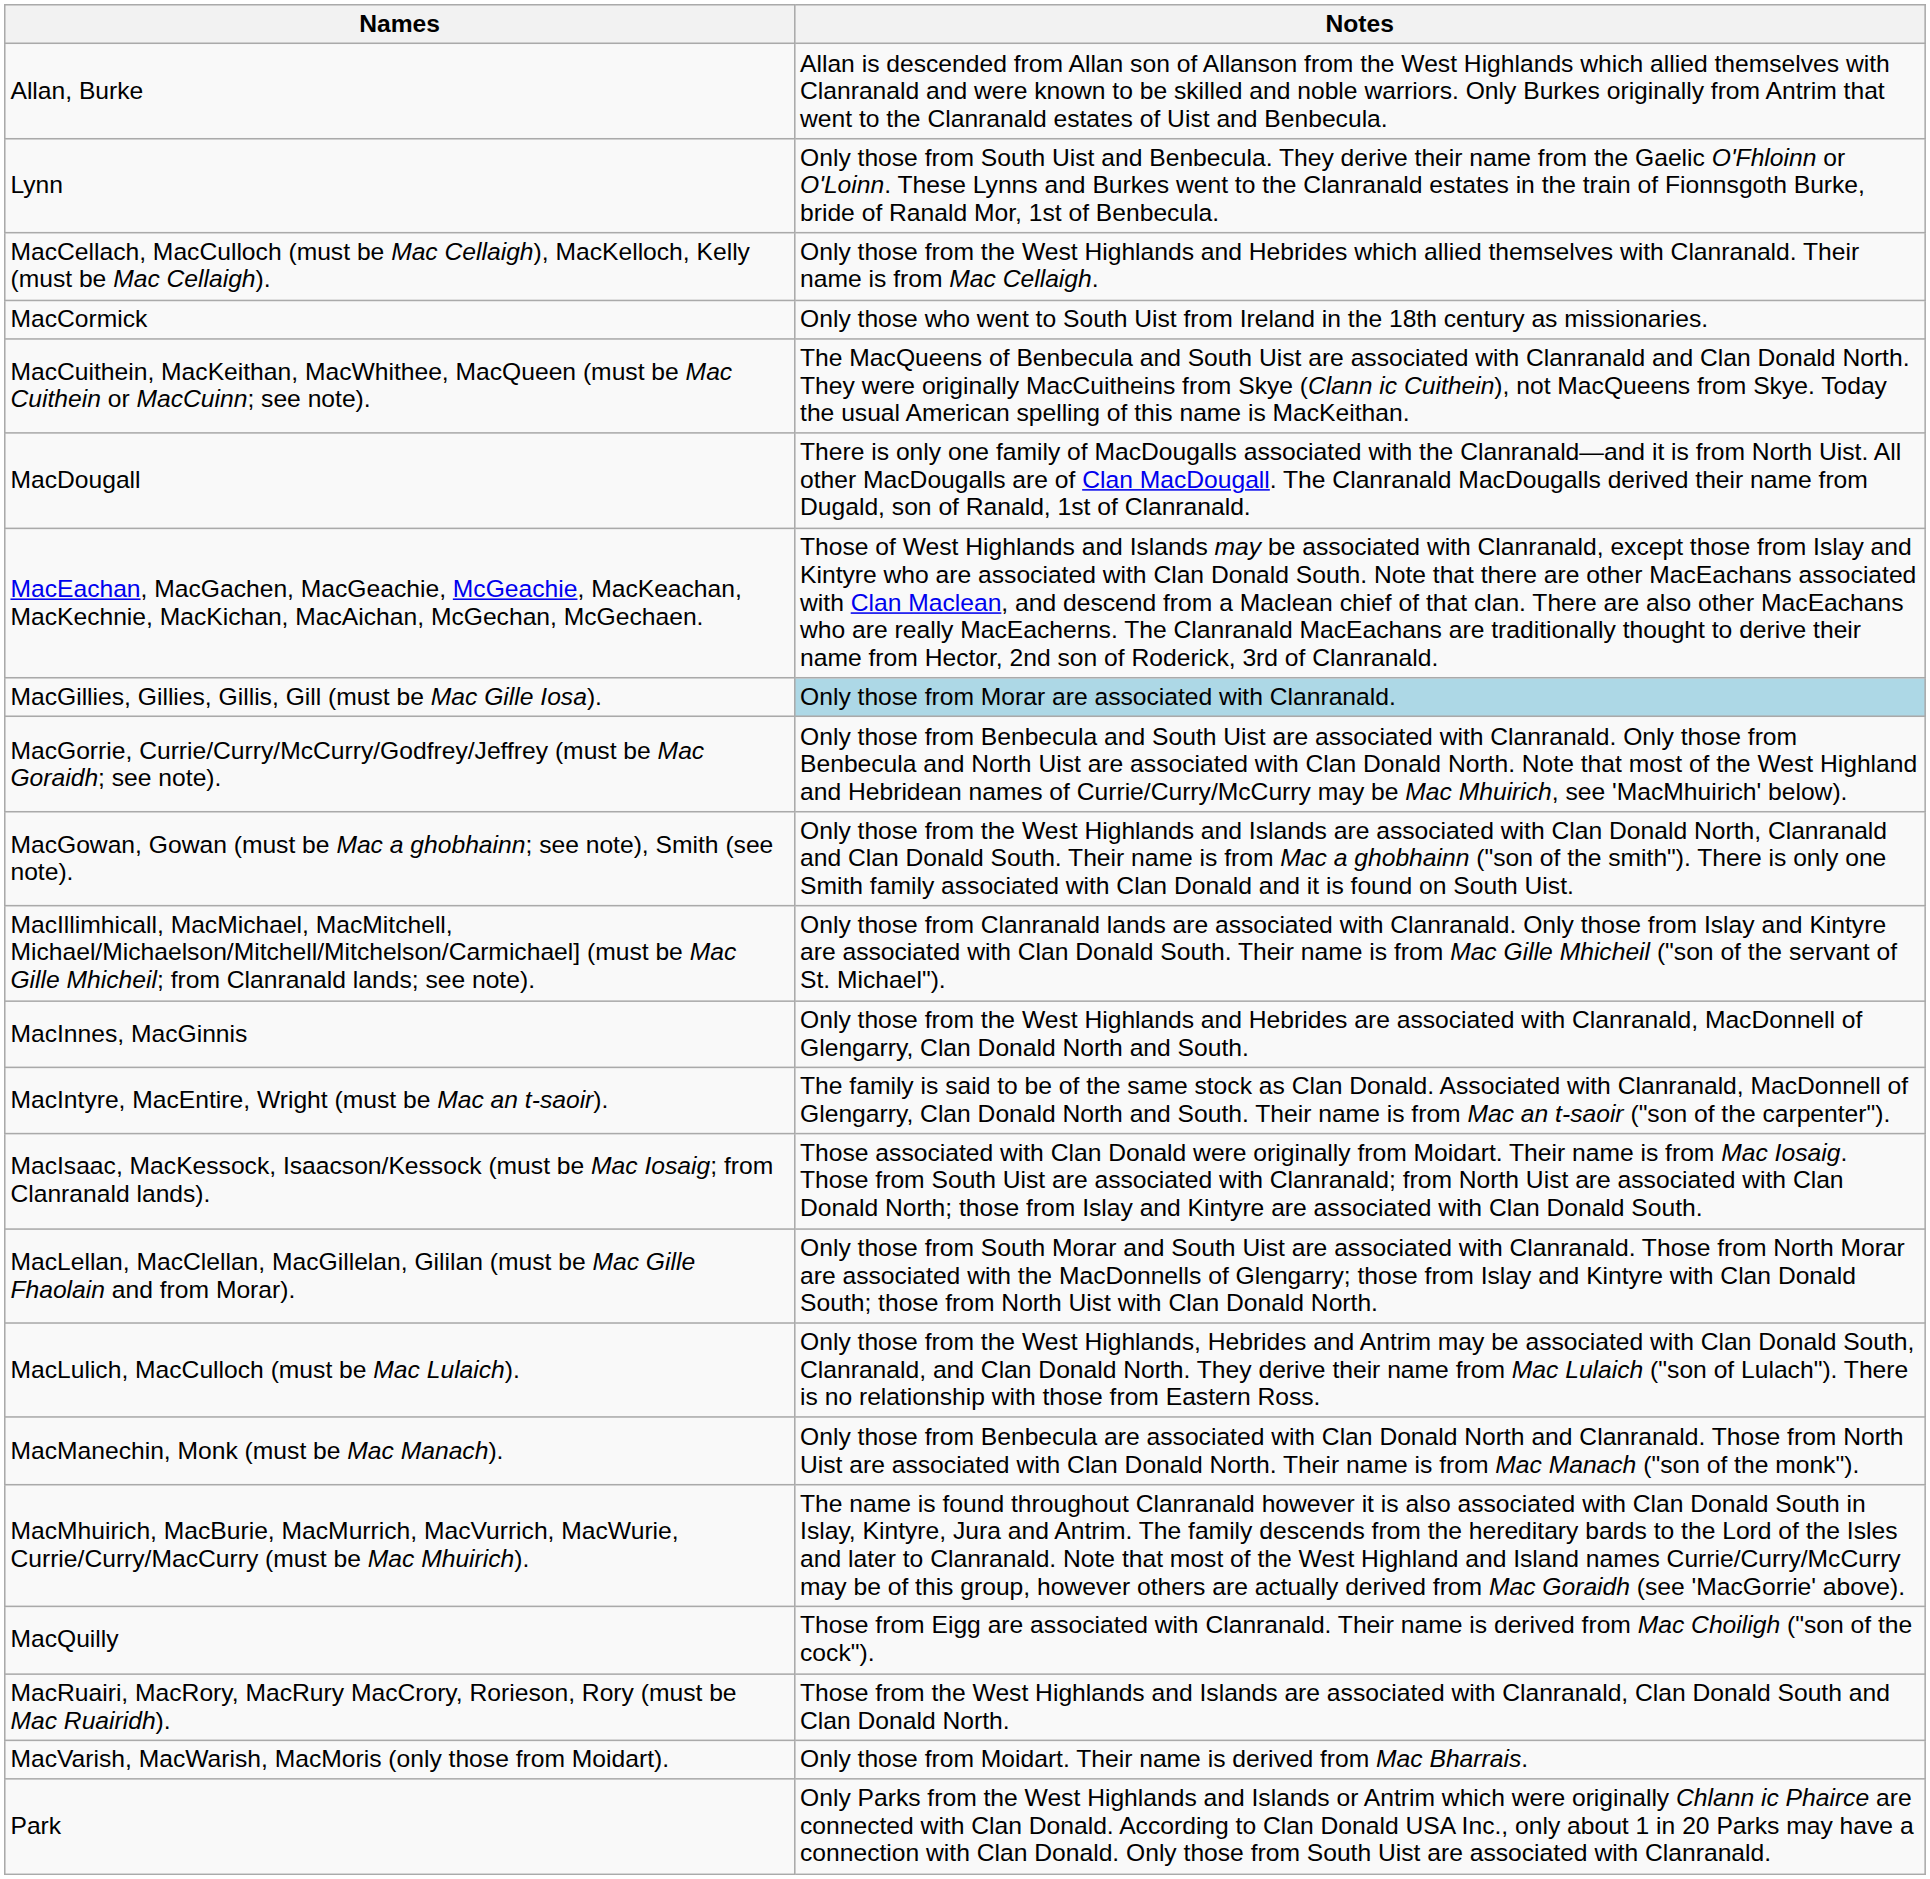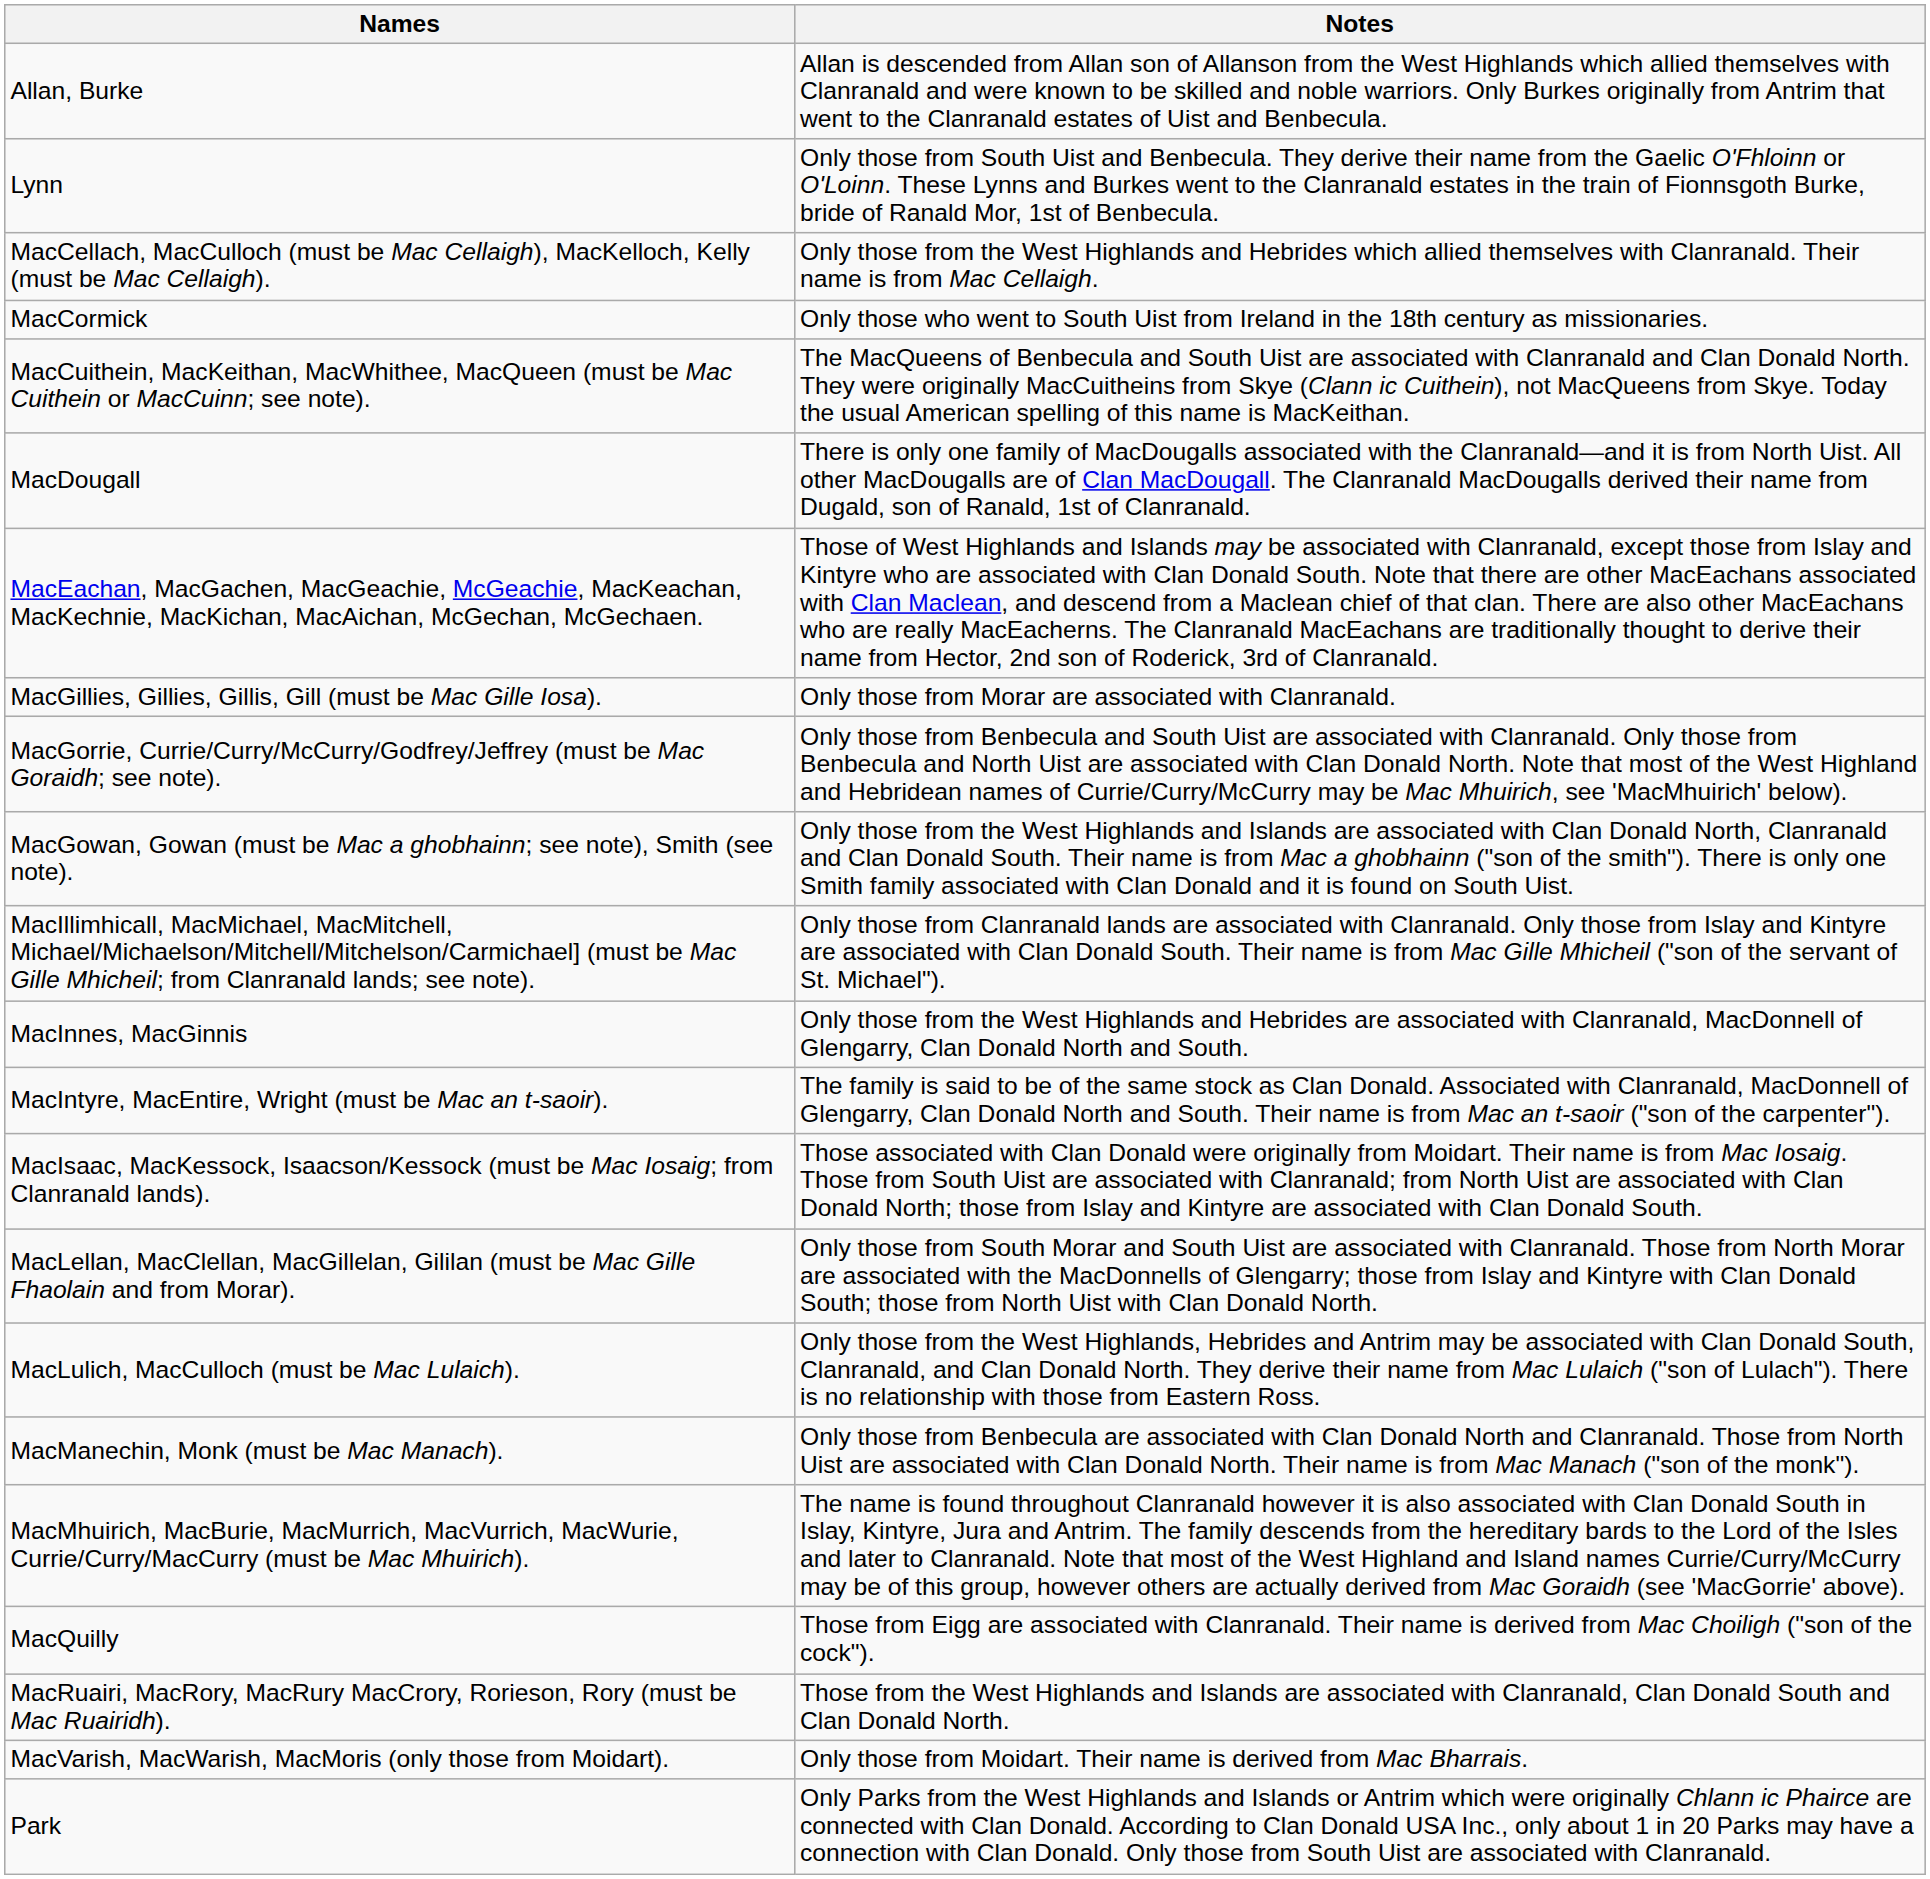 <table class="wikitable">
 <tr>
 <th><strong>Names</strong></th>
 <th><strong>Notes</strong></th>
 </tr>
 <tr>
 <td>Allan, Burke</td>
 <td>Allan is descended from Allan son of Allanson from the West Highlands which allied themselves with Clanranald and were known to be skilled and noble warriors. Only Burkes originally from Antrim that went to the Clanranald estates of Uist and Benbecula.</td>
 </tr>
 <tr>
 <td>Lynn</td>
 <td>Only those from South Uist and Benbecula. They derive their name from the Gaelic <em>O'Fhloinn</em> or <em>O'Loinn</em>. These Lynns and Burkes went to the Clanranald estates in the train of Fionnsgoth Burke, bride of Ranald Mor, 1st of Benbecula.</td>
 </tr>
 <tr>
 <td>MacCellach, MacCulloch (must be <em>Mac Cellaigh</em>), MacKelloch, Kelly (must be <em>Mac Cellaigh</em>).</td>
 <td>Only those from the West Highlands and Hebrides which allied themselves with Clanranald. Their name is from <em>Mac Cellaigh</em>.</td>
 </tr>
 <tr>
 <td>MacCormick</td>
 <td>Only those who went to South Uist from Ireland in the 18th century as missionaries.</td>
 </tr>
 <tr>
 <td>MacCuithein, MacKeithan, MacWhithee, MacQueen (must be <em>Mac Cuithein</em> or <em>MacCuinn</em>; see note).</td>
 <td>The MacQueens of Benbecula and South Uist are associated with Clanranald and Clan Donald North. They were originally MacCuitheins from Skye (<em>Clann ic Cuithein</em>), not MacQueens from Skye. Today the usual American spelling of this name is MacKeithan.</td>
 </tr>
 <tr>
 <td>MacDougall</td>
 <td>There is only one family of MacDougalls associated with the Clanranald—and it is from North Uist. All other MacDougalls are of <a href='#'>Clan MacDougall</a>. The Clanranald MacDougalls derived their name from Dugald, son of Ranald, 1st of Clanranald.</td>
 </tr>
 <tr>
 <td><a href='#'>MacEachan</a>, MacGachen, MacGeachie, <a href='#'>McGeachie</a>, MacKeachan, MacKechnie, MacKichan, MacAichan, McGechan, McGechaen.</td>
 <td>Those of West Highlands and Islands <em>may</em> be associated with Clanranald, except those from Islay and Kintyre who are associated with Clan Donald South. Note that there are other MacEachans associated with <a href='#'>Clan Maclean</a>, and descend from a Maclean chief of that clan. There are also other MacEachans who are really MacEacherns. The Clanranald MacEachans are traditionally thought to derive their name from Hector, 2nd son of Roderick, 3rd of Clanranald.</td>
 </tr>
 <tr>
 <td>MacGillies, Gillies, Gillis, Gill (must be <em>Mac Gille Iosa</em>).</td>
-<td style="background: lightblue;">Only those from Morar are associated with Clanranald.</td>
+<td>Only those from Morar are associated with Clanranald.</td>
 </tr>
 <tr>
 <td>MacGorrie, Currie/Curry/McCurry/Godfrey/Jeffrey (must be <em>Mac Goraidh</em>; see note).</td>
 <td>Only those from Benbecula and South Uist are associated with Clanranald. Only those from Benbecula and North Uist are associated with Clan Donald North. Note that most of the West Highland and Hebridean names of Currie/Curry/McCurry may be <em>Mac Mhuirich</em>, see 'MacMhuirich' below).</td>
 </tr>
 <tr>
 <td>MacGowan, Gowan (must be <em>Mac a ghobhainn</em>; see note), Smith (see note).</td>
 <td>Only those from the West Highlands and Islands are associated with Clan Donald North, Clanranald and Clan Donald South. Their name is from <em>Mac a ghobhainn</em> ("son of the smith"). There is only one Smith family associated with Clan Donald and it is found on South Uist.</td>
 </tr>
 <tr>
 <td>MacIllimhicall, MacMichael, MacMitchell, Michael/Michaelson/Mitchell/Mitchelson/Carmichael] (must be <em>Mac Gille Mhicheil</em>; from Clanranald lands; see note).</td>
 <td>Only those from Clanranald lands are associated with Clanranald. Only those from Islay and Kintyre are associated with Clan Donald South. Their name is from <em>Mac Gille Mhicheil</em> ("son of the servant of St. Michael").</td>
 </tr>
 <tr>
 <td> MacInnes, MacGinnis</td>
 <td>Only those from the West Highlands and Hebrides are associated with Clanranald, MacDonnell of Glengarry, Clan Donald North and South.</td>
 </tr>
 <tr>
 <td> MacIntyre, MacEntire, Wright (must be <em>Mac an t-saoir</em>).</td>
 <td>The family is said to be of the same stock as Clan Donald. Associated with Clanranald, MacDonnell of Glengarry, Clan Donald North and South. Their name is from <em>Mac an t-saoir</em> ("son of the carpenter").</td>
 </tr>
 <tr>
 <td>MacIsaac, MacKessock, Isaacson/Kessock (must be <em>Mac Iosaig</em>; from Clanranald lands).</td>
 <td>Those associated with Clan Donald were originally from Moidart. Their name is from <em>Mac Iosaig</em>. Those from South Uist are associated with Clanranald; from North Uist are associated with Clan Donald North; those from Islay and Kintyre are associated with Clan Donald South.</td>
 </tr>
 <tr>
 <td>MacLellan, MacClellan, MacGillelan, Gililan (must be <em>Mac Gille Fhaolain</em> and from Morar).</td>
 <td>Only those from South Morar and South Uist are associated with Clanranald. Those from North Morar are associated with the MacDonnells of Glengarry; those from Islay and Kintyre with Clan Donald South; those from North Uist with Clan Donald North.</td>
 </tr>
 <tr>
 <td>MacLulich, MacCulloch (must be <em>Mac Lulaich</em>).</td>
 <td>Only those from the West Highlands, Hebrides and Antrim may be associated with Clan Donald South, Clanranald, and Clan Donald North. They derive their name from <em>Mac Lulaich</em> ("son of Lulach"). There is no relationship with those from Eastern Ross.</td>
 </tr>
 <tr>
 <td>MacManechin, Monk (must be <em>Mac Manach</em>).</td>
 <td>Only those from Benbecula are associated with Clan Donald North and Clanranald. Those from North Uist are associated with Clan Donald North. Their name is from <em>Mac Manach</em> ("son of the monk").</td>
 </tr>
 <tr>
 <td> MacMhuirich, MacBurie, MacMurrich, MacVurrich, MacWurie, Currie/Curry/MacCurry (must be <em>Mac Mhuirich</em>).</td>
 <td>The name is found throughout Clanranald however it is also associated with Clan Donald South in Islay, Kintyre, Jura and Antrim. The family descends from the hereditary bards to the Lord of the Isles and later to Clanranald. Note that most of the West Highland and Island names Currie/Curry/McCurry may be of this group, however others are actually derived from <em>Mac Goraidh</em> (see 'MacGorrie' above).</td>
 </tr>
 <tr>
 <td>MacQuilly</td>
 <td>Those from Eigg are associated with Clanranald. Their name is derived from <em>Mac Choiligh</em> ("son of the cock").</td>
 </tr>
 <tr>
 <td>MacRuairi, MacRory, MacRury MacCrory, Rorieson, Rory (must be <em>Mac Ruairidh</em>).</td>
 <td>Those from the West Highlands and Islands are associated with Clanranald, Clan Donald South and Clan Donald North.</td>
 </tr>
 <tr>
 <td>MacVarish, MacWarish, MacMoris (only those from Moidart).</td>
 <td>Only those from Moidart. Their name is derived from <em>Mac Bharrais</em>.</td>
 </tr>
 <tr>
 <td>Park</td>
 <td>Only Parks from the West Highlands and Islands or Antrim which were originally <em>Chlann ic Phairce</em> are connected with Clan Donald. According to Clan Donald USA Inc., only about 1 in 20 Parks may have a connection with Clan Donald. Only those from South Uist are associated with Clanranald.</td>
 </tr>
 </table>
